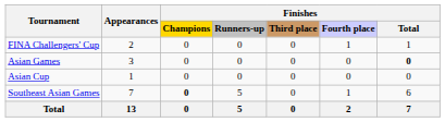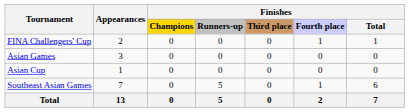 <table class="wikitable" style="text-align: center; font-size: 90%; margin-left: 1em;">
 <tr>
 <th rowspan="2">Tournament</th>
 <th rowspan="2">Appearances</th>
 <th colspan="5">Finishes</th>
 </tr>
 <tr>
 <th style="background-color: gold;">Champions</th>
 <th style="background-color: silver;">Runners-up</th>
 <th style="background-color: #cc9966;">Third place</th>
 <th style="background-color: #ccccff;">Fourth place</th>
 <th style="width: 6em;">Total</th>
 </tr>
 <tr>
 <td style="text-align:left;"><a href='#'>FINA Challengers' Cup</a></td>
 <td>2</td>
 <td>0</td>
 <td>0</td>
 <td>0</td>
 <td>1</td>
 <td>1</td>
 </tr>
 <tr>
 <td style="text-align:left;"><a href='#'>Asian Games</a></td>
 <td>3</td>
 <td>0</td>
 <td>0</td>
 <td>0</td>
 <td>0</td>
-<td><strong>0</strong></td>
+<td>0</td>
 </tr>
 <tr>
 <td style="text-align:left;"><a href='#'>Asian Cup</a></td>
 <td>1</td>
 <td>0</td>
 <td>0</td>
 <td>0</td>
 <td>0</td>
 <td>0</td>
 </tr>
 <tr>
 <td style="text-align:left;"><a href='#'>Southeast Asian Games</a></td>
 <td>7</td>
-<td><strong>0</strong></td>
+<td>0</td>
 <td>5</td>
 <td>0</td>
 <td>1</td>
 <td>6</td>
 </tr>
 <tr>
 <th>Total</th>
 <th>13</th>
 <th>0</th>
 <th>5</th>
 <th>0</th>
 <th>2</th>
 <th>7</th>
 </tr>
 </table>
